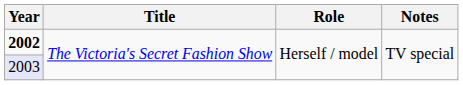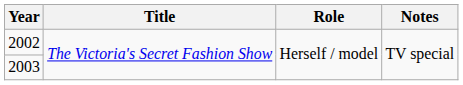 <table class="wikitable">
 <tr>
 <th>Year</th>
 <th>Title</th>
 <th>Role</th>
 <th>Notes</th>
 </tr>
 <tr>
-<td><strong>2002</strong></td>
+<td>2002</td>
 <td rowspan="2"><em><a href='#'>The Victoria's Secret Fashion Show</a></em></td>
 <td rowspan="2">Herself / model</td>
 <td rowspan="2">TV special</td>
 </tr>
 <tr>
-<td style="background: lavender;">2003</td>
+<td>2003</td>
 </tr>
 </table>
